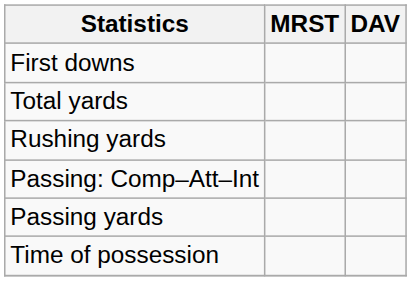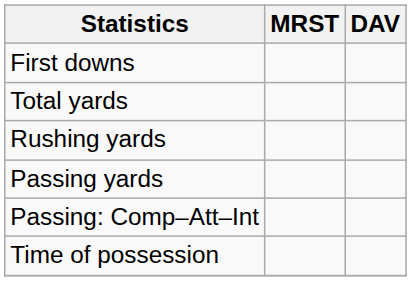 <table class="wikitable" style="float: left;">
 <tr>
 <th>Statistics</th>
 <th>MRST</th>
 <th>DAV</th>
 </tr>
 <tr>
 <td>First downs</td>
 <td></td>
 <td></td>
 </tr>
 <tr>
 <td>Total yards</td>
 <td></td>
 <td></td>
 </tr>
 <tr>
 <td>Rushing yards</td>
 <td></td>
 <td></td>
 </tr>
 <tr>
-<td>Passing: Comp–Att–Int</td>
+<td>Passing yards</td>
 <td></td>
 <td></td>
 </tr>
 <tr>
-<td>Passing yards</td>
+<td>Passing: Comp–Att–Int</td>
 <td></td>
 <td></td>
 </tr>
 <tr>
 <td>Time of possession</td>
 <td></td>
 <td></td>
 </tr>
 <tr>
 </tr>
 </table>
